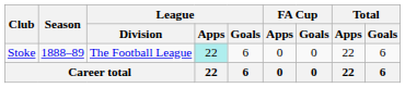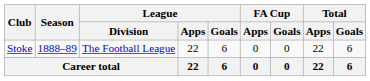 <table class="wikitable" style="text-align: center;">
 <tr>
 <th rowspan="2">Club</th>
 <th rowspan="2">Season</th>
 <th colspan="3">League</th>
 <th colspan="2">FA Cup</th>
 <th colspan="2">Total</th>
 </tr>
 <tr>
 <th>Division</th>
 <th>Apps</th>
 <th>Goals</th>
 <th>Apps</th>
 <th>Goals</th>
 <th>Apps</th>
 <th>Goals</th>
 </tr>
 <tr>
 <td><a href='#'>Stoke</a></td>
 <td><a href='#'>1888–89</a></td>
 <td><a href='#'>The Football League</a></td>
-<td style="background: paleturquoise;">22</td>
+<td>22</td>
 <td>6</td>
 <td>0</td>
 <td>0</td>
 <td>22</td>
 <td>6</td>
 </tr>
 <tr>
 <th colspan=3>Career total</th>
 <th>22</th>
 <th>6</th>
 <th>0</th>
 <th>0</th>
 <th>22</th>
 <th>6</th>
 </tr>
 </table>
